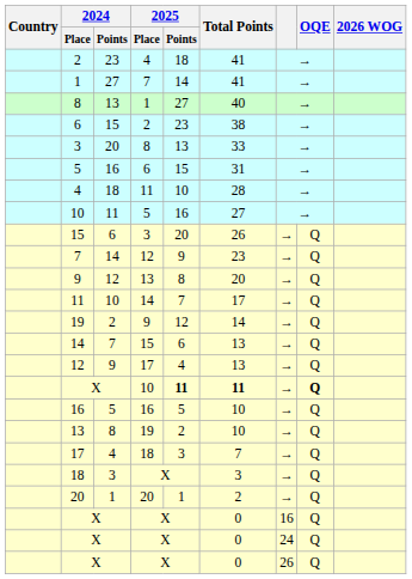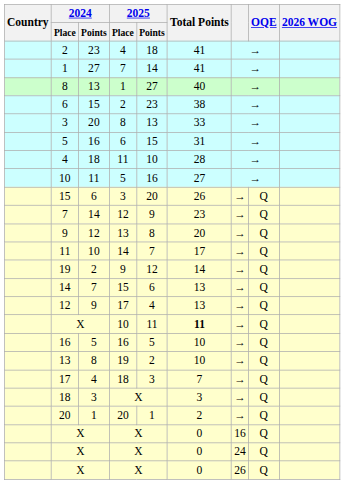 <table class="wikitable sortable" style="text-align:center">
 <tr>
 <th rowspan=2>Country</th>
 <th colspan=2><a href='#'>2024</a></th>
 <th colspan=2><a href='#'>2025</a></th>
 <th rowspan=2>Total Points</th>
 <th rowspan=2></th>
 <th rowspan=2><a href='#'>OQE</a></th>
 <th rowspan=2><a href='#'>2026 WOG</a></th>
 </tr>
 <tr>
 <th><small>Place</small></th>
 <th><small>Points</small></th>
 <th><small>Place</small></th>
 <th><small>Points</small></th>
 </tr>
 <tr style="background: #ccffff">
 <td align=left></td>
 <td>2</td>
 <td>23</td>
 <td>4</td>
 <td>18</td>
 <td>41</td>
 <td colspan=2>→</td>
 <td></td>
 </tr>
 <tr style="background:#ccffff">
 <td align=left></td>
 <td>1</td>
 <td>27</td>
 <td>7</td>
 <td>14</td>
 <td>41</td>
 <td colspan=2>→</td>
 <td></td>
 </tr>
 <tr style="background:#ccffcc">
 <td align=left></td>
 <td>8</td>
 <td>13</td>
 <td>1</td>
 <td>27</td>
 <td>40</td>
 <td colspan=2>→</td>
 <td></td>
 </tr>
 <tr style="background:#ccffff">
 <td align=left></td>
 <td>6</td>
 <td>15</td>
 <td>2</td>
 <td>23</td>
 <td>38</td>
 <td colspan=2>→</td>
 <td></td>
 </tr>
 <tr style="background:#ccffff">
 <td align=left></td>
 <td>3</td>
 <td>20</td>
 <td>8</td>
 <td>13</td>
 <td>33</td>
 <td colspan=2>→</td>
 <td></td>
 </tr>
 <tr style="background:#ccffff">
 <td align=left></td>
 <td>5</td>
 <td>16</td>
 <td>6</td>
 <td>15</td>
 <td>31</td>
 <td colspan=2>→</td>
 <td></td>
 </tr>
 <tr style="background:#ccffff">
 <td align=left></td>
 <td>4</td>
 <td>18</td>
 <td>11</td>
 <td>10</td>
 <td>28</td>
 <td colspan=2>→</td>
 <td></td>
 </tr>
 <tr style="background:#ccffff">
 <td align=left></td>
 <td>10</td>
 <td>11</td>
 <td>5</td>
 <td>16</td>
 <td>27</td>
 <td colspan=2>→</td>
 <td></td>
 </tr>
 <tr style="background:#ffffcc">
 <td align=left></td>
 <td>15</td>
 <td>6</td>
 <td>3</td>
 <td>20</td>
 <td>26</td>
 <td>→</td>
 <td>Q</td>
 <td></td>
 </tr>
 <tr style="background:#ffffcc">
 <td align=left></td>
 <td>7</td>
 <td>14</td>
 <td>12</td>
 <td>9</td>
 <td>23</td>
 <td>→</td>
 <td>Q</td>
 <td></td>
 </tr>
 <tr style="background:#ffffcc">
 <td align=left></td>
 <td>9</td>
 <td>12</td>
 <td>13</td>
 <td>8</td>
 <td>20</td>
 <td>→</td>
 <td>Q</td>
 <td></td>
 </tr>
 <tr style="background:#ffffcc">
 <td align=left></td>
 <td>11</td>
 <td>10</td>
 <td>14</td>
 <td>7</td>
 <td>17</td>
 <td>→</td>
 <td>Q</td>
 <td></td>
 </tr>
 <tr style="background:#ffffcc">
 <td align=left></td>
 <td>19</td>
 <td>2</td>
 <td>9</td>
 <td>12</td>
 <td>14</td>
 <td>→</td>
 <td>Q</td>
 <td></td>
 </tr>
 <tr style="background:#ffffcc">
 <td align=left></td>
 <td>14</td>
 <td>7</td>
 <td>15</td>
 <td>6</td>
 <td>13</td>
 <td>→</td>
 <td>Q</td>
 <td></td>
 </tr>
 <tr style="background:#ffffcc">
 <td align=left></td>
 <td>12</td>
 <td>9</td>
 <td>17</td>
 <td>4</td>
 <td>13</td>
 <td>→</td>
 <td>Q</td>
 <td></td>
 </tr>
 <tr style="background:#ffffcc">
 <td align=left></td>
 <td colspan=2>X</td>
 <td>10</td>
-<td><strong>11</strong></td>
+<td>11</td>
 <td><strong>11</strong></td>
 <td>→</td>
-<td><strong>Q</strong></td>
+<td>Q</td>
 <td></td>
 </tr>
 <tr style="background:#ffffcc">
 <td align=left></td>
 <td>16</td>
 <td>5</td>
 <td>16</td>
 <td>5</td>
 <td>10</td>
 <td>→</td>
 <td>Q</td>
 <td></td>
 </tr>
 <tr style="background:#ffffcc">
 <td align=left></td>
 <td>13</td>
 <td>8</td>
 <td>19</td>
 <td>2</td>
 <td>10</td>
 <td>→</td>
 <td>Q</td>
 <td></td>
 </tr>
 <tr style="background:#ffffcc">
 <td align=left></td>
 <td>17</td>
 <td>4</td>
 <td>18</td>
 <td>3</td>
 <td>7</td>
 <td>→</td>
 <td>Q</td>
 <td></td>
 </tr>
 <tr style="background:#ffffcc">
 <td align=left></td>
 <td>18</td>
 <td>3</td>
 <td colspan=2>X</td>
 <td>3</td>
 <td>→</td>
 <td>Q</td>
 <td></td>
 </tr>
 <tr style="background:#ffffcc">
 <td align=left></td>
 <td>20</td>
 <td>1</td>
 <td>20</td>
 <td>1</td>
 <td>2</td>
 <td>→</td>
 <td>Q</td>
 <td></td>
 </tr>
 <tr style="background:#ffffcc">
 <td align=left></td>
 <td colspan=2>X</td>
 <td colspan=2>X</td>
 <td>0</td>
 <td>16</td>
 <td>Q</td>
 <td></td>
 </tr>
 <tr style="background:#ffffcc">
 <td align=left></td>
 <td colspan=2>X</td>
 <td colspan=2>X</td>
 <td>0</td>
 <td>24</td>
 <td>Q</td>
 <td></td>
 </tr>
 <tr style="background:#ffffcc">
 <td align=left></td>
 <td colspan=2>X</td>
 <td colspan=2>X</td>
 <td>0</td>
 <td>26</td>
 <td>Q</td>
 <td></td>
 </tr>
 </table>
